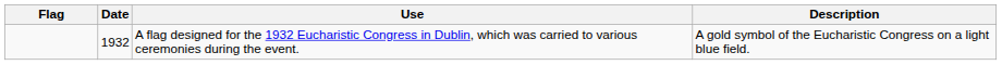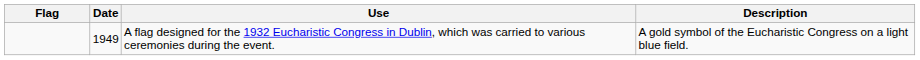 <table class="wikitable">
 <tr>
 <th width=110>Flag</th>
 <th width=30>Date</th>
 <th>Use</th>
 <th>Description</th>
 </tr>
 <tr>
 <td></td>
-<td>1932</td>
+<td>1949</td>
 <td>A flag designed for the <a href='#'>1932 Eucharistic Congress in Dublin</a>, which was carried to various ceremonies during the event.</td>
 <td>A gold symbol of the Eucharistic Congress on a light blue field.</td>
 </tr>
 </table>
